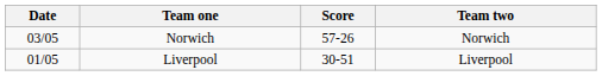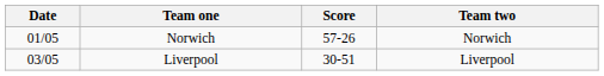 <table class="wikitable" style="text-align: center">
 <tr>
 <th width=80>Date</th>
 <th width=250>Team one</th>
 <th width=80>Score</th>
 <th width=250>Team two</th>
 </tr>
 <tr>
-<td>03/05</td>
+<td>01/05</td>
 <td>Norwich</td>
 <td>57-26</td>
 <td>Norwich</td>
 </tr>
 <tr>
-<td>01/05</td>
+<td>03/05</td>
 <td>Liverpool</td>
 <td>30-51</td>
 <td>Liverpool</td>
 </tr>
 </table>
